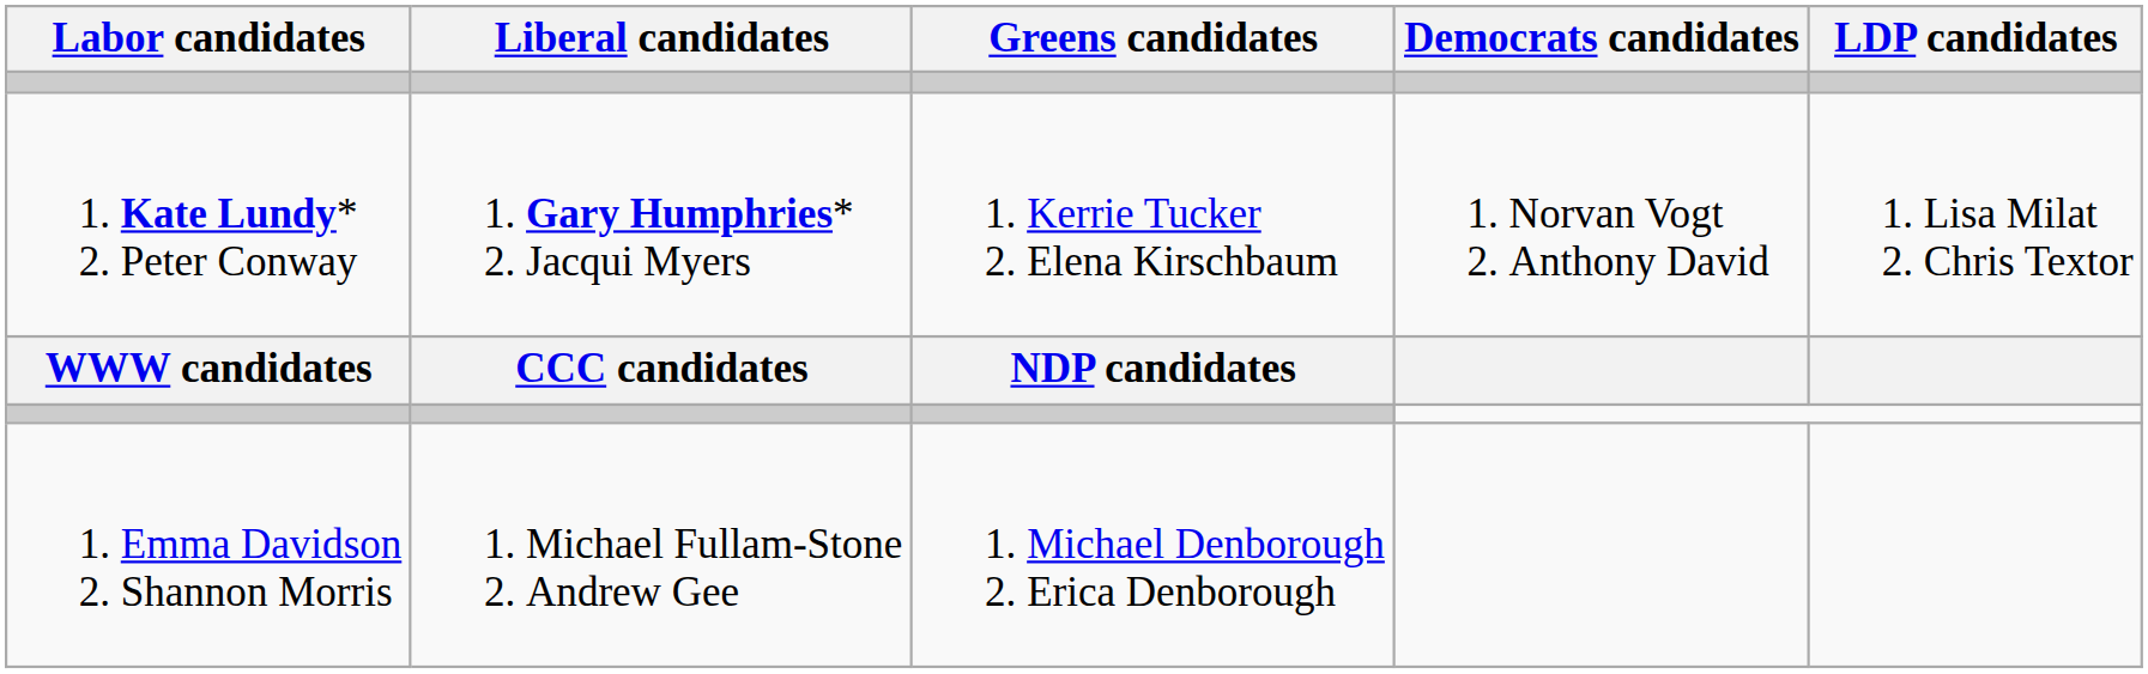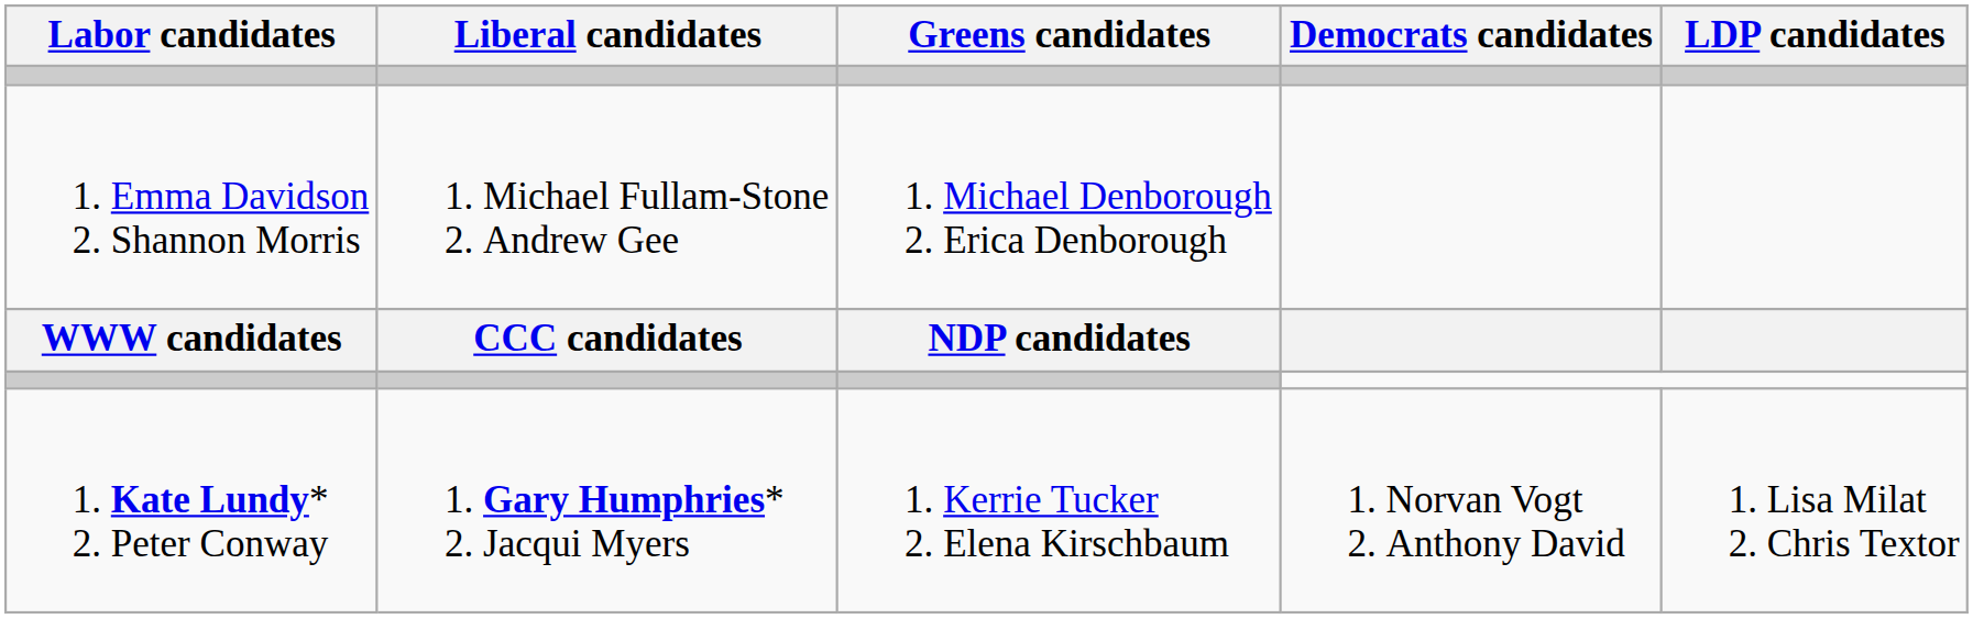 <table class="wikitable">
 <tr>
 <th><a href='#'>Labor</a> candidates</th>
 <th><a href='#'>Liberal</a> candidates</th>
 <th><a href='#'>Greens</a> candidates</th>
 <th><a href='#'>Democrats</a> candidates</th>
 <th><a href='#'>LDP</a> candidates</th>
 </tr>
 <tr style="background:#ccc;">
 <td></td>
 <td></td>
 <td></td>
 <td></td>
 <td></td>
 </tr>
 <tr>
-<td><br><ol><li><strong><a href='#'>Kate Lundy</a></strong>*</li><li>Peter Conway</li></ol></td>
-<td><br><ol><li><strong><a href='#'>Gary Humphries</a></strong>*</li><li>Jacqui Myers</li></ol></td>
-<td valign=top><br><ol><li><a href='#'>Kerrie Tucker</a></li><li>Elena Kirschbaum</li></ol></td>
-<td valign=top><br><ol><li>Norvan Vogt</li><li>Anthony David</li></ol></td>
-<td valign=top><br><ol><li>Lisa Milat</li><li>Chris Textor</li></ol></td>
+<td valign=top><br><ol><li><a href='#'>Emma Davidson</a></li><li>Shannon Morris</li></ol></td>
+<td valign=top><br><ol><li>Michael Fullam-Stone</li><li>Andrew Gee</li></ol></td>
+<td valign=top><br><ol><li><a href='#'>Michael Denborough</a></li><li>Erica Denborough</li></ol></td>
+<td valign=top></td>
+<td valign=top></td>
 </tr>
 <tr style="background:#ccc;">
 <th><a href='#'>WWW</a> candidates</th>
 <th><a href='#'>CCC</a> candidates</th>
 <th><a href='#'>NDP</a> candidates</th>
 <th></th>
 <th></th>
 </tr>
 <tr style="background:#ccc;">
 <td></td>
 <td></td>
 <td></td>
 </tr>
 <tr>
-<td valign=top><br><ol><li><a href='#'>Emma Davidson</a></li><li>Shannon Morris</li></ol></td>
-<td valign=top><br><ol><li>Michael Fullam-Stone</li><li>Andrew Gee</li></ol></td>
-<td valign=top><br><ol><li><a href='#'>Michael Denborough</a></li><li>Erica Denborough</li></ol></td>
-<td valign=top></td>
-<td valign=top></td>
+<td><br><ol><li><strong><a href='#'>Kate Lundy</a></strong>*</li><li>Peter Conway</li></ol></td>
+<td><br><ol><li><strong><a href='#'>Gary Humphries</a></strong>*</li><li>Jacqui Myers</li></ol></td>
+<td valign=top><br><ol><li><a href='#'>Kerrie Tucker</a></li><li>Elena Kirschbaum</li></ol></td>
+<td valign=top><br><ol><li>Norvan Vogt</li><li>Anthony David</li></ol></td>
+<td valign=top><br><ol><li>Lisa Milat</li><li>Chris Textor</li></ol></td>
 </tr>
 </table>
